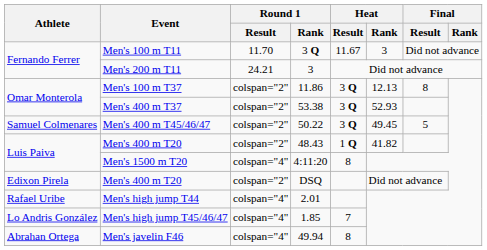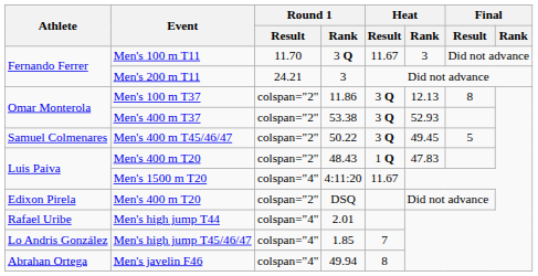 <table class=wikitable style="font-size:90%;">
 <tr>
 <th rowspan="2">Athlete</th>
 <th rowspan="2">Event</th>
 <th colspan="2">Round 1</th>
 <th colspan="2">Heat</th>
 <th colspan="2">Final</th>
 </tr>
 <tr>
 <th>Result</th>
 <th>Rank</th>
 <th>Result</th>
 <th>Rank</th>
 <th>Result</th>
 <th>Rank</th>
 </tr>
 <tr>
 <td rowspan=2><a href='#'>Fernando Ferrer</a></td>
 <td><a href='#'>Men's 100 m T11</a></td>
 <td align=center>11.70</td>
 <td align=center>3 <strong>Q</strong></td>
 <td align=center>11.67</td>
 <td align=center>3</td>
 <td colspan=2>Did not advance</td>
 </tr>
 <tr>
 <td><a href='#'>Men's 200 m T11</a></td>
 <td align=center>24.21</td>
 <td align=center>3</td>
 <td colspan=4 align=center>Did not advance</td>
 </tr>
 <tr>
 <td rowspan=2><a href='#'>Omar Monterola</a></td>
 <td><a href='#'>Men's 100 m T37</a></td>
 <td>colspan="2" </td>
 <td align=center>11.86</td>
 <td align=center>3 <strong>Q</strong></td>
 <td align=center>12.13</td>
 <td align=center>8</td>
 </tr>
 <tr>
 <td><a href='#'>Men's 400 m T37</a></td>
 <td>colspan="2" </td>
 <td align=center>53.38</td>
 <td align=center>3 <strong>Q</strong></td>
 <td align=center>52.93</td>
 <td align=center></td>
 </tr>
 <tr>
 <td><a href='#'>Samuel Colmenares</a></td>
 <td><a href='#'>Men's 400 m T45/46/47</a></td>
 <td>colspan="2" </td>
 <td align=center>50.22</td>
 <td align=center>3 <strong>Q</strong></td>
 <td align=center>49.45</td>
 <td align=center>5</td>
 </tr>
 <tr>
 <td rowspan=2><a href='#'>Luis Paiva</a></td>
 <td><a href='#'>Men's 400 m T20</a></td>
 <td>colspan="2" </td>
 <td align=center>48.43</td>
 <td align=center>1 <strong>Q</strong></td>
-<td align=center>41.82</td>
+<td align=center>47.83</td>
 <td align=center></td>
 </tr>
 <tr>
 <td><a href='#'>Men's 1500 m T20</a></td>
 <td>colspan="4" </td>
 <td align=center>4:11:20</td>
-<td align=center>8</td>
+<td align=center>11.67</td>
 </tr>
 <tr>
 <td><a href='#'>Edixon Pirela</a></td>
 <td><a href='#'>Men's 400 m T20</a></td>
 <td>colspan="2" </td>
 <td align=center>DSQ</td>
 <td align=center></td>
 <td colspan=2>Did not advance</td>
 </tr>
 <tr>
 <td><a href='#'>Rafael Uribe</a></td>
 <td><a href='#'>Men's high jump T44</a></td>
 <td>colspan="4" </td>
 <td align=center>2.01</td>
 <td align=center></td>
 </tr>
 <tr>
 <td><a href='#'>Lo Andris González</a></td>
 <td><a href='#'>Men's high jump T45/46/47</a></td>
 <td>colspan="4" </td>
 <td align=center>1.85</td>
 <td align=center>7</td>
 </tr>
 <tr>
 <td><a href='#'>Abrahan Ortega</a></td>
 <td><a href='#'>Men's javelin F46</a></td>
 <td>colspan="4" </td>
 <td align=center>49.94</td>
 <td align=center>8</td>
 </tr>
 </table>
